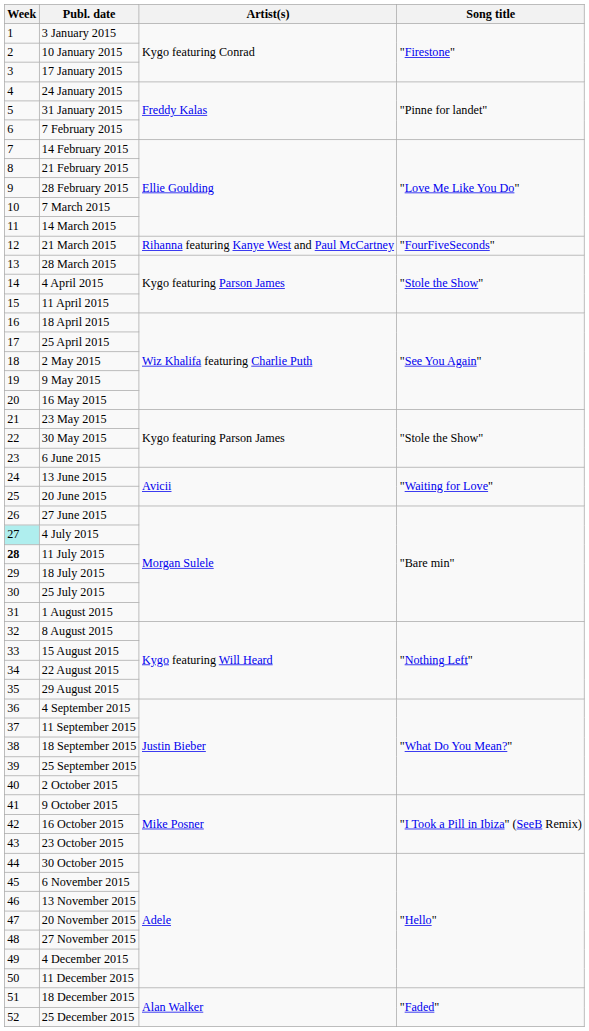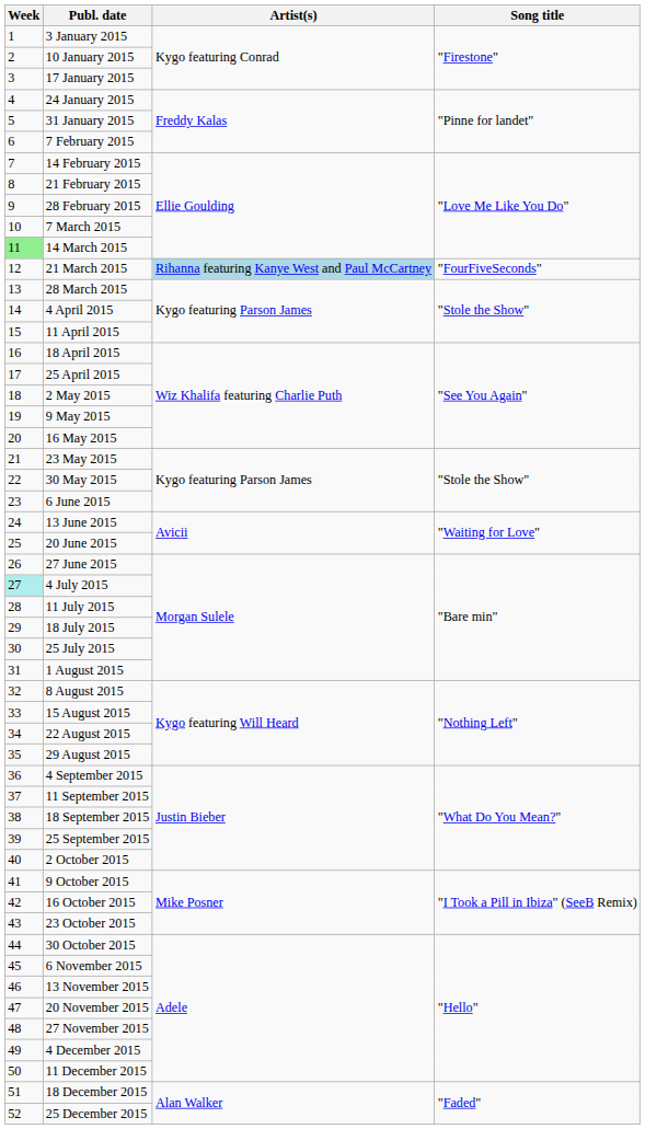 <table class="wikitable">
 <tr>
 <th>Week</th>
 <th>Publ. date</th>
 <th>Artist(s)</th>
 <th>Song title</th>
 </tr>
 <tr>
 <td>1</td>
 <td>3 January 2015</td>
 <td rowspan=3>Kygo featuring Conrad</td>
 <td rowspan=3>"<a href='#'>Firestone</a>"</td>
 </tr>
 <tr>
 <td>2</td>
 <td>10 January 2015</td>
 </tr>
 <tr>
 <td>3</td>
 <td>17 January 2015</td>
 </tr>
 <tr>
 <td>4</td>
 <td>24 January 2015</td>
 <td rowspan=3><a href='#'>Freddy Kalas</a></td>
 <td rowspan=3>"Pinne for landet"</td>
 </tr>
 <tr>
 <td>5</td>
 <td>31 January 2015</td>
 </tr>
 <tr>
 <td>6</td>
 <td>7 February 2015</td>
 </tr>
 <tr>
 <td>7</td>
 <td>14 February 2015</td>
 <td rowspan=5><a href='#'>Ellie Goulding</a></td>
 <td rowspan=5>"<a href='#'>Love Me Like You Do</a>"</td>
 </tr>
 <tr>
 <td>8</td>
 <td>21 February 2015</td>
 </tr>
 <tr>
 <td>9</td>
 <td>28 February 2015</td>
 </tr>
 <tr>
 <td>10</td>
 <td>7 March 2015</td>
 </tr>
 <tr>
-<td>11</td>
+<td style="background: lightgreen;">11</td>
 <td>14 March 2015</td>
 </tr>
 <tr>
 <td>12</td>
 <td>21 March 2015</td>
-<td><a href='#'>Rihanna</a> featuring <a href='#'>Kanye West</a> and <a href='#'>Paul McCartney</a></td>
+<td style="background: lightblue;"><a href='#'>Rihanna</a> featuring <a href='#'>Kanye West</a> and <a href='#'>Paul McCartney</a></td>
 <td>"<a href='#'>FourFiveSeconds</a>"</td>
 </tr>
 <tr>
 <td>13</td>
 <td>28 March 2015</td>
 <td rowspan=3>Kygo featuring <a href='#'>Parson James</a></td>
 <td rowspan=3>"<a href='#'>Stole the Show</a>"</td>
 </tr>
 <tr>
 <td>14</td>
 <td>4 April 2015</td>
 </tr>
 <tr>
 <td>15</td>
 <td>11 April 2015</td>
 </tr>
 <tr>
 <td>16</td>
 <td>18 April 2015</td>
 <td rowspan=5><a href='#'>Wiz Khalifa</a> featuring <a href='#'>Charlie Puth</a></td>
 <td rowspan=5>"<a href='#'>See You Again</a>"</td>
 </tr>
 <tr>
 <td>17</td>
 <td>25 April 2015</td>
 </tr>
 <tr>
 <td>18</td>
 <td>2 May 2015</td>
 </tr>
 <tr>
 <td>19</td>
 <td>9 May 2015</td>
 </tr>
 <tr>
 <td>20</td>
 <td>16 May 2015</td>
 </tr>
 <tr>
 <td>21</td>
 <td>23 May 2015</td>
 <td rowspan=3>Kygo featuring Parson James</td>
 <td rowspan=3>"Stole the Show"</td>
 </tr>
 <tr>
 <td>22</td>
 <td>30 May 2015</td>
 </tr>
 <tr>
 <td>23</td>
 <td>6 June 2015</td>
 </tr>
 <tr>
 <td>24</td>
 <td>13 June 2015</td>
 <td rowspan=2><a href='#'>Avicii</a></td>
 <td rowspan=2>"<a href='#'>Waiting for Love</a>"</td>
 </tr>
 <tr>
 <td>25</td>
 <td>20 June 2015</td>
 </tr>
 <tr>
 <td>26</td>
 <td>27 June 2015</td>
 <td rowspan=6><a href='#'>Morgan Sulele</a></td>
 <td rowspan=6>"Bare min"</td>
 </tr>
 <tr>
 <td style="background: paleturquoise;">27</td>
 <td>4 July 2015</td>
 </tr>
 <tr>
-<td><strong>28</strong></td>
+<td>28</td>
 <td>11 July 2015</td>
 </tr>
 <tr>
 <td>29</td>
 <td>18 July 2015</td>
 </tr>
 <tr>
 <td>30</td>
 <td>25 July 2015</td>
 </tr>
 <tr>
 <td>31</td>
 <td>1 August 2015</td>
 </tr>
 <tr>
 <td>32</td>
 <td>8 August 2015</td>
 <td rowspan=4><a href='#'>Kygo</a> featuring <a href='#'>Will Heard</a></td>
 <td rowspan=4>"<a href='#'>Nothing Left</a>"</td>
 </tr>
 <tr>
 <td>33</td>
 <td>15 August 2015</td>
 </tr>
 <tr>
 <td>34</td>
 <td>22 August 2015</td>
 </tr>
 <tr>
 <td>35</td>
 <td>29 August 2015</td>
 </tr>
 <tr>
 <td>36</td>
 <td>4 September 2015</td>
 <td rowspan=5><a href='#'>Justin Bieber</a></td>
 <td rowspan=5>"<a href='#'>What Do You Mean?</a>"</td>
 </tr>
 <tr>
 <td>37</td>
 <td>11 September 2015</td>
 </tr>
 <tr>
 <td>38</td>
 <td>18 September 2015</td>
 </tr>
 <tr>
 <td>39</td>
 <td>25 September 2015</td>
 </tr>
 <tr>
 <td>40</td>
 <td>2 October 2015</td>
 </tr>
 <tr>
 <td>41</td>
 <td>9 October 2015</td>
 <td rowspan="3"><a href='#'>Mike Posner</a></td>
 <td rowspan="3">"<a href='#'>I Took a Pill in Ibiza</a>" (<a href='#'>SeeB</a> Remix)</td>
 </tr>
 <tr>
 <td>42</td>
 <td>16 October 2015</td>
 </tr>
 <tr>
 <td>43</td>
 <td>23 October 2015</td>
 </tr>
 <tr>
 <td>44</td>
 <td>30 October 2015</td>
 <td rowspan="7"><a href='#'>Adele</a></td>
 <td rowspan="7">"<a href='#'>Hello</a>"</td>
 </tr>
 <tr>
 <td>45</td>
 <td>6 November 2015</td>
 </tr>
 <tr>
 <td>46</td>
 <td>13 November 2015</td>
 </tr>
 <tr>
 <td>47</td>
 <td>20 November 2015</td>
 </tr>
 <tr>
 <td>48</td>
 <td>27 November 2015</td>
 </tr>
 <tr>
 <td>49</td>
 <td>4 December 2015</td>
 </tr>
 <tr>
 <td>50</td>
 <td>11 December 2015</td>
 </tr>
 <tr>
 <td>51</td>
 <td>18 December 2015</td>
 <td rowspan="2"><a href='#'>Alan Walker</a></td>
 <td rowspan="2">"<a href='#'>Faded</a>"</td>
 </tr>
 <tr>
 <td>52</td>
 <td>25 December 2015</td>
 </tr>
 </table>
